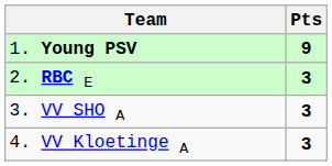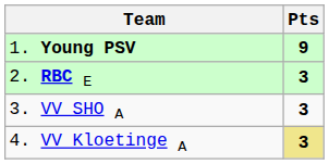 <table class="wikitable" style="text-align:center; float:left; margin-right:1em">
 <tr>
 <th style="width:200px">Team</th>
 <th width=20>Pts</th>
 </tr>
 <tr bgcolor=ccffcc>
 <td align=left>1. <strong>Young PSV</strong></td>
 <td><strong>9</strong></td>
 </tr>
 <tr bgcolor=ccffcc>
 <td align=left>2. <strong><a href='#'>RBC</a></strong> <sub>E</sub></td>
 <td><strong>3</strong></td>
 </tr>
 <tr>
 <td align=left>3. <a href='#'>VV SHO</a> <sub>A</sub></td>
 <td><strong>3</strong></td>
 </tr>
 <tr>
 <td align=left>4. <a href='#'>VV Kloetinge</a> <sub>A</sub></td>
-<td><strong>3</strong></td>
+<td style="background: khaki;"><strong>3</strong></td>
 </tr>
 </table>
